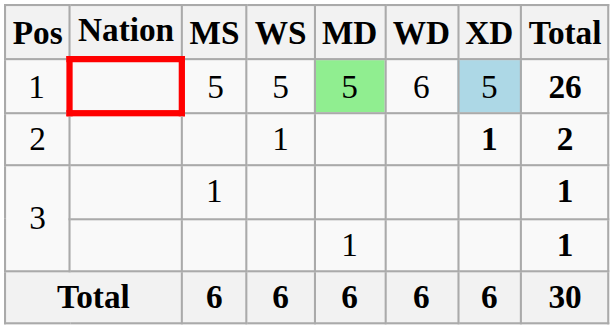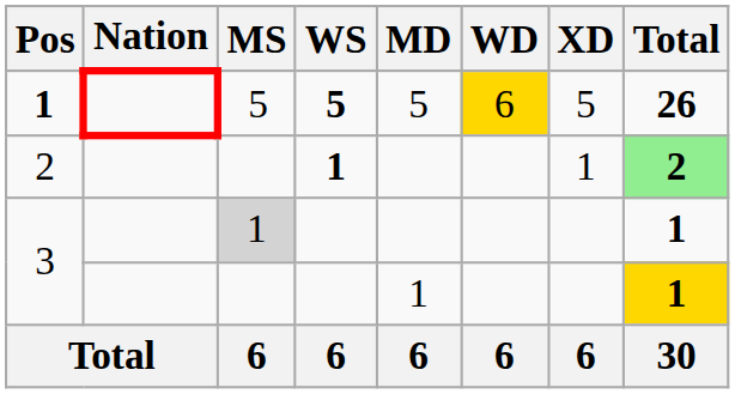 <table class="wikitable" style="text-align:center">
 <tr>
 <th>Pos</th>
 <th>Nation</th>
 <th>MS</th>
 <th>WS</th>
 <th>MD</th>
 <th>WD</th>
 <th>XD</th>
 <th>Total</th>
 </tr>
 <tr>
-<td>1</td>
+<td><strong>1</strong></td>
 <td align="left" style="border: 3px solid red"></td>
 <td>5</td>
+<td><strong>5</strong></td>
 <td>5</td>
-<td style="background: lightgreen;">5</td>
-<td>6</td>
-<td style="background: lightblue;">5</td>
+<td style="background: gold;">6</td>
+<td>5</td>
 <td><strong>26</strong></td>
 </tr>
 <tr>
 <td>2</td>
 <td align="left"></td>
 <td></td>
-<td>1</td>
+<td><strong>1</strong></td>
 <td></td>
 <td></td>
-<td><strong>1</strong></td>
-<td><strong>2</strong></td>
+<td>1</td>
+<td style="background: lightgreen;"><strong>2</strong></td>
 </tr>
 <tr>
 <td rowspan="2">3</td>
 <td align="left"></td>
-<td>1</td>
+<td style="background: lightgrey;">1</td>
 <td></td>
 <td></td>
 <td></td>
 <td></td>
 <td><strong>1</strong></td>
 </tr>
 <tr>
 <td align="left"></td>
 <td></td>
 <td></td>
 <td>1</td>
 <td></td>
 <td></td>
-<td><strong>1</strong></td>
+<td style="background: gold;"><strong>1</strong></td>
 </tr>
 <tr>
 <th colspan="2">Total</th>
 <th>6</th>
 <th>6</th>
 <th>6</th>
 <th>6</th>
 <th>6</th>
 <th>30</th>
 </tr>
 </table>
